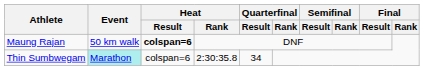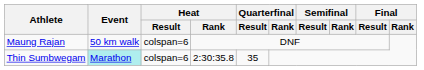 <table class="wikitable" style="font-size:90%">
 <tr>
 <th rowspan="2">Athlete</th>
 <th rowspan="2">Event</th>
 <th colspan="2">Heat</th>
 <th colspan="2">Quarterfinal</th>
 <th colspan="2">Semifinal</th>
 <th colspan="2">Final</th>
 </tr>
 <tr style="font-size:95%">
 <th>Result</th>
 <th>Rank</th>
 <th>Result</th>
 <th>Rank</th>
 <th>Result</th>
 <th>Rank</th>
 <th>Result</th>
 <th>Rank</th>
 </tr>
 <tr align=center>
 <td align=left><a href='#'>Maung Rajan</a></td>
 <td align=left><a href='#'>50 km walk</a></td>
-<td><strong>colspan=6 </strong></td>
+<td>colspan=6 </td>
 <td colspan=6>DNF</td>
 </tr>
 <tr align=center>
 <td align=left><a href='#'>Thin Sumbwegam</a></td>
 <td align=left style="background: paleturquoise;"><a href='#'>Marathon</a></td>
 <td>colspan=6 </td>
 <td>2:30:35.8</td>
-<td>34</td>
+<td>35</td>
 </tr>
 </table>
